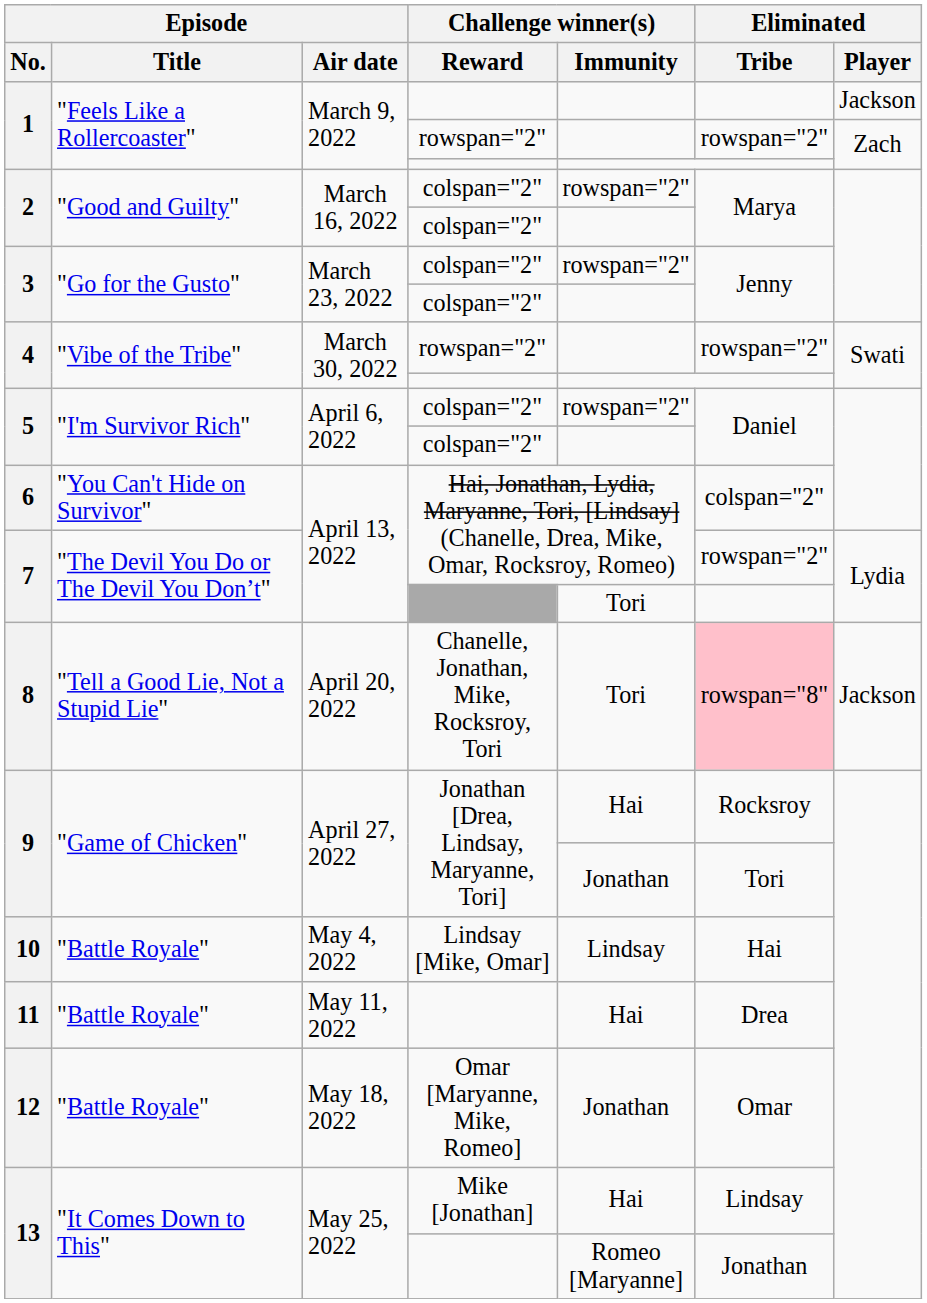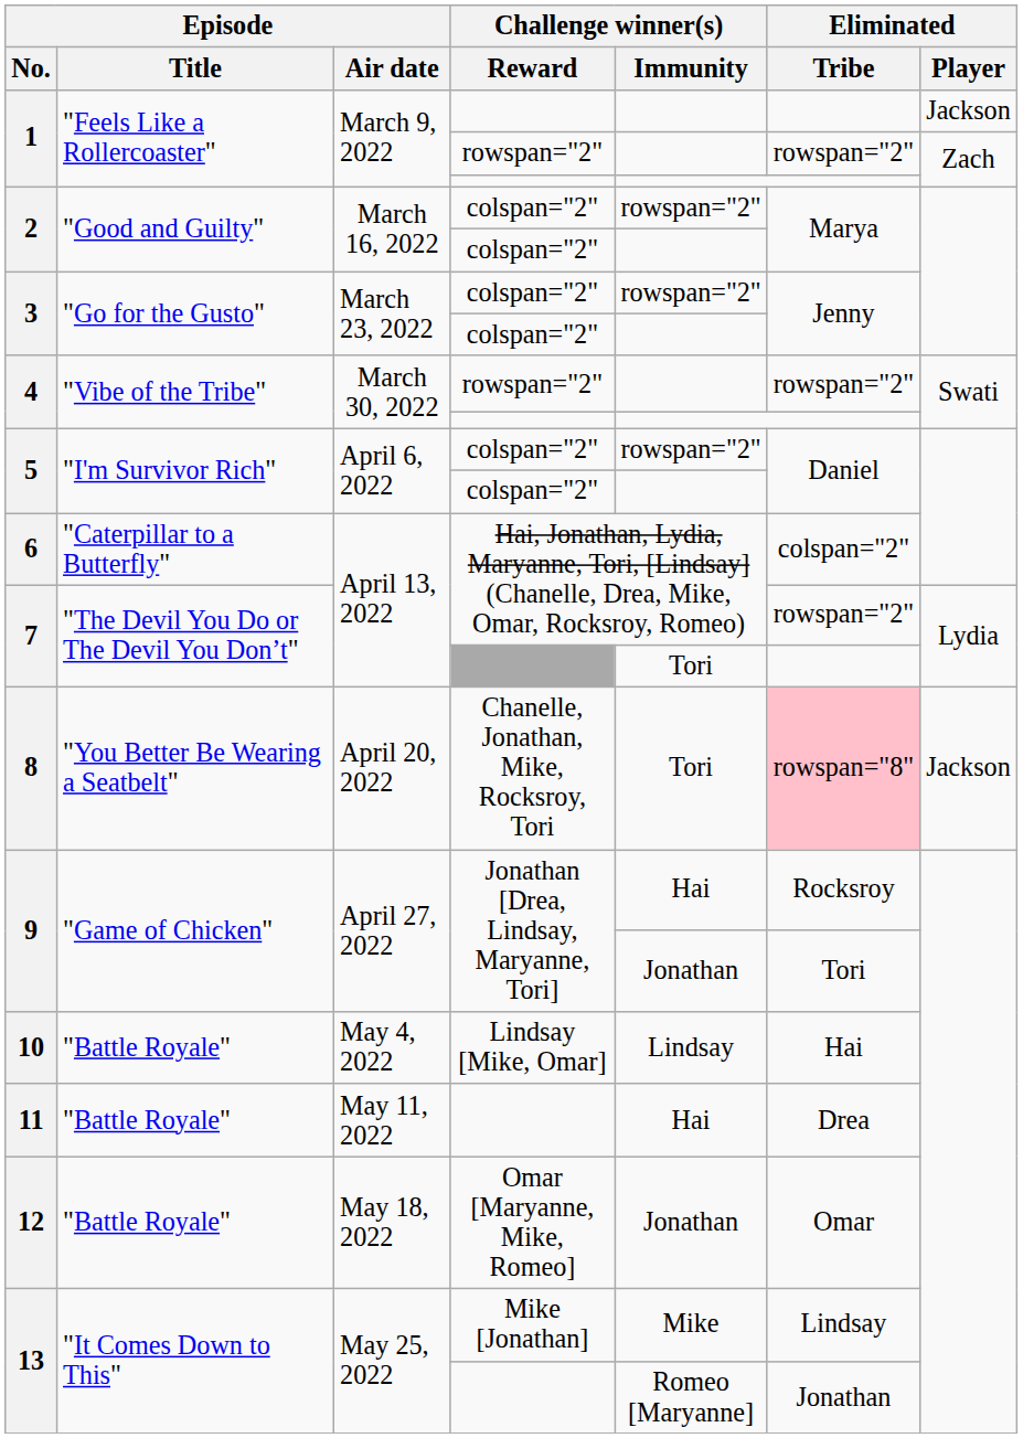 <table class="wikitable unsortable" style="text-align:center;">
 <tr>
 <th colspan="3" scope="col">Episode</th>
 <th colspan="2" scope="col">Challenge winner(s)</th>
 <th colspan="2" scope="col">Eliminated</th>
 </tr>
 <tr>
 <th scope="col">No.</th>
 <th scope="col">Title</th>
 <th scope="col">Air date</th>
 <th scope="col">Reward</th>
 <th scope="col">Immunity</th>
 <th scope="col">Tribe</th>
 <th scope="col">Player</th>
 </tr>
 <tr>
 <th rowspan="3">1</th>
 <td rowspan="3" align="left">"<a href='#'>Feels Like a Rollercoaster</a>"</td>
 <td rowspan="3" align="left">March 9, 2022</td>
 <td></td>
 <td></td>
 <td></td>
 <td>Jackson</td>
 </tr>
 <tr>
 <td>rowspan="2" </td>
 <td></td>
 <td>rowspan="2" </td>
 <td rowspan="2">Zach</td>
 </tr>
 <tr>
 <td></td>
 </tr>
 <tr>
 <th rowspan="2">2</th>
 <td rowspan="2" align="left">"<a href='#'>Good and Guilty</a>"</td>
 <td rowspan="2" aligh="left">March 16, 2022</td>
 <td>colspan="2" </td>
 <td>rowspan="2" </td>
 <td rowspan="2">Marya</td>
 </tr>
 <tr>
 <td>colspan="2" </td>
 </tr>
 <tr>
 <th rowspan="2">3</th>
 <td rowspan="2" align="left">"<a href='#'>Go for the Gusto</a>"</td>
 <td rowspan="2" align="left">March 23, 2022</td>
 <td>colspan="2" </td>
 <td>rowspan="2" </td>
 <td rowspan="2">Jenny</td>
 </tr>
 <tr>
 <td>colspan="2" </td>
 </tr>
 <tr>
 <th rowspan="2">4</th>
 <td rowspan="2" align="left">"<a href='#'>Vibe of the Tribe</a>"</td>
 <td rowspan="2" aligh="left">March 30, 2022</td>
 <td>rowspan="2" </td>
 <td></td>
 <td>rowspan="2" </td>
 <td rowspan="2">Swati</td>
 </tr>
 <tr>
 <td></td>
 </tr>
 <tr>
 <th rowspan="2">5</th>
 <td rowspan="2" align="left">"<a href='#'>I'm Survivor Rich</a>"</td>
 <td rowspan="2" align="left">April 6, 2022</td>
 <td>colspan="2" </td>
 <td>rowspan="2" </td>
 <td rowspan="2">Daniel</td>
 </tr>
 <tr>
 <td>colspan="2" </td>
 </tr>
 <tr>
 <th>6</th>
-<td align="left">"<a href='#'>You Can't Hide on Survivor</a>"</td>
+<td align="left">"<a href='#'>Caterpillar to a Butterfly</a>"</td>
 <td rowspan="3" align="left">April 13, 2022</td>
 <td colspan="2" rowspan="2"><s>Hai, Jonathan, Lydia,<br>Maryanne, Tori, [Lindsay]</s><br>(Chanelle, Drea, Mike,<br>Omar, Rocksroy, Romeo)</td>
 <td>colspan="2" </td>
 </tr>
 <tr>
 <th rowspan="2">7</th>
 <td rowspan="2" align="left">"<a href='#'>The Devil You Do or The Devil You Don’t</a>"</td>
 <td>rowspan="2" </td>
 <td rowspan="2">Lydia</td>
 </tr>
 <tr>
 <td bgcolor="darkgray"></td>
 <td>Tori</td>
 </tr>
 <tr>
 <th>8</th>
-<td align="left">"<a href='#'>Tell a Good Lie, Not a Stupid Lie</a>"</td>
+<td align="left">"<a href='#'>You Better Be Wearing a Seatbelt</a>"</td>
 <td align="left">April 20, 2022</td>
 <td>Chanelle,<br>Jonathan, Mike,<br>Rocksroy, Tori</td>
 <td>Tori</td>
 <td style="background: pink;">rowspan="8" </td>
 <td>Jackson</td>
 </tr>
 <tr>
 <th rowspan="2">9</th>
 <td rowspan="2" align="left">"<a href='#'>Game of Chicken</a>"</td>
 <td rowspan="2" align="left">April 27, 2022</td>
 <td rowspan="2">Jonathan<br>[Drea, Lindsay,<br>Maryanne, Tori]</td>
 <td>Hai</td>
 <td>Rocksroy</td>
 </tr>
 <tr>
 <td>Jonathan</td>
 <td>Tori</td>
 </tr>
 <tr>
 <th>10</th>
 <td align="left">"<a href='#'>Battle Royale</a>"</td>
 <td align="left">May 4, 2022</td>
 <td>Lindsay<br>[Mike, Omar]</td>
 <td>Lindsay</td>
 <td>Hai</td>
 </tr>
 <tr>
 <th>11</th>
 <td align="left">"<a href='#'>Battle Royale</a>"</td>
 <td align="left">May 11, 2022</td>
 <td></td>
 <td>Hai</td>
 <td>Drea</td>
 </tr>
 <tr>
 <th>12</th>
 <td align="left">"<a href='#'>Battle Royale</a>"</td>
 <td align="left">May 18, 2022</td>
 <td>Omar<br>[Maryanne,<br>Mike, Romeo]</td>
 <td>Jonathan</td>
 <td>Omar</td>
 </tr>
 <tr>
 <th rowspan="2">13</th>
 <td rowspan="2" align="left">"<a href='#'>It Comes Down to This</a>"</td>
 <td rowspan="2" align="left">May 25, 2022</td>
 <td>Mike<br>[Jonathan]</td>
-<td>Hai</td>
+<td>Mike</td>
 <td>Lindsay</td>
 </tr>
 <tr>
 <td></td>
 <td>Romeo<br>[Maryanne]</td>
 <td>Jonathan</td>
 </tr>
 </table>
